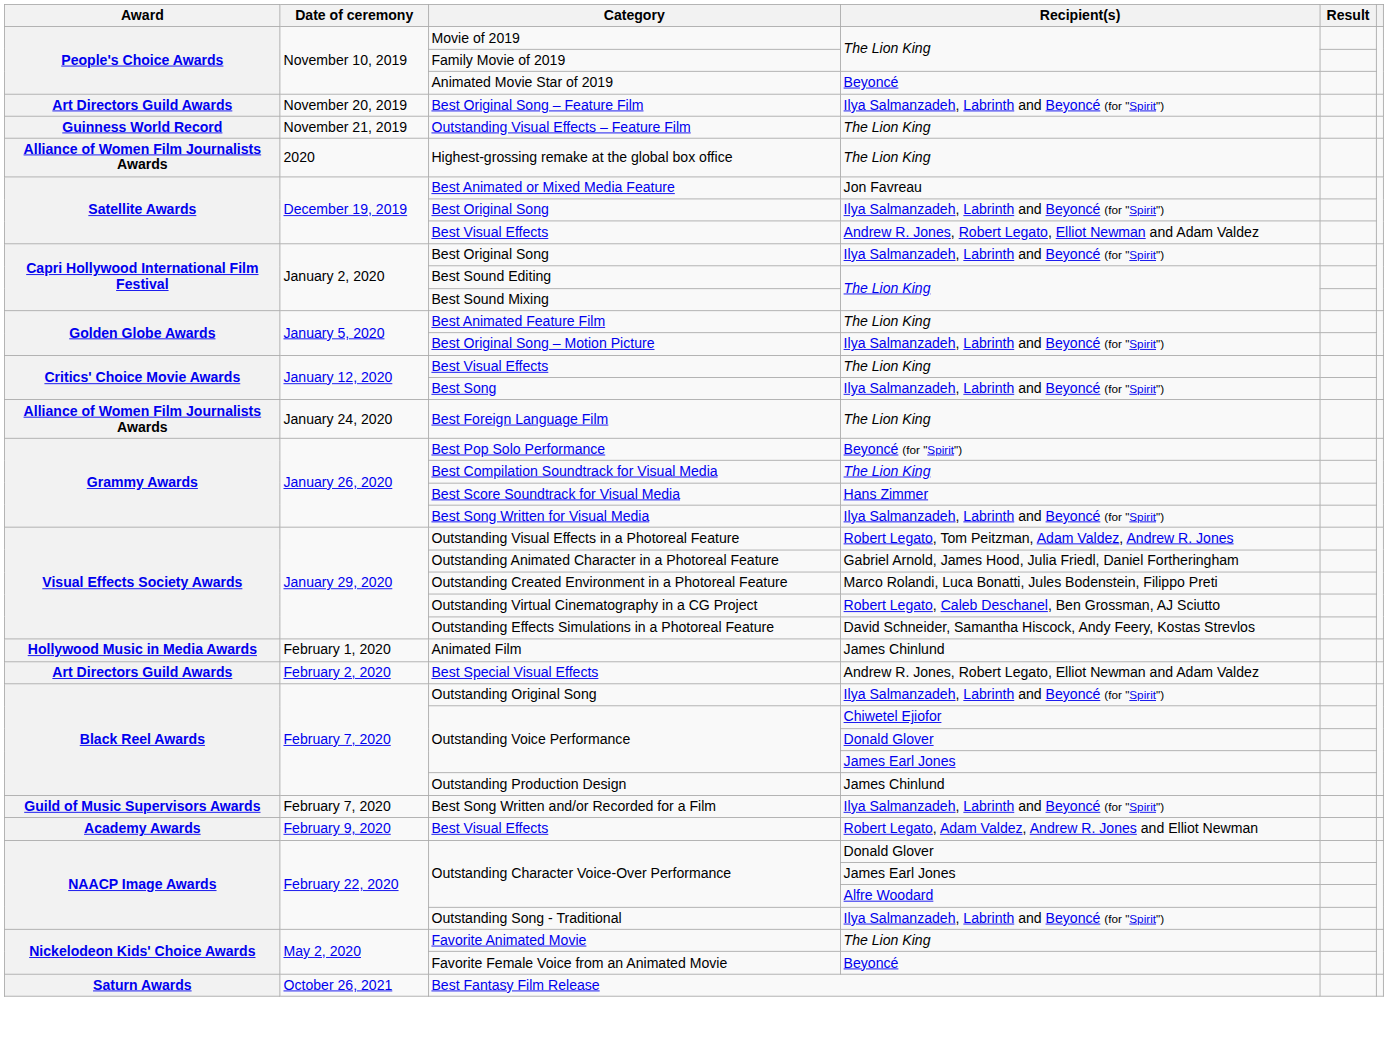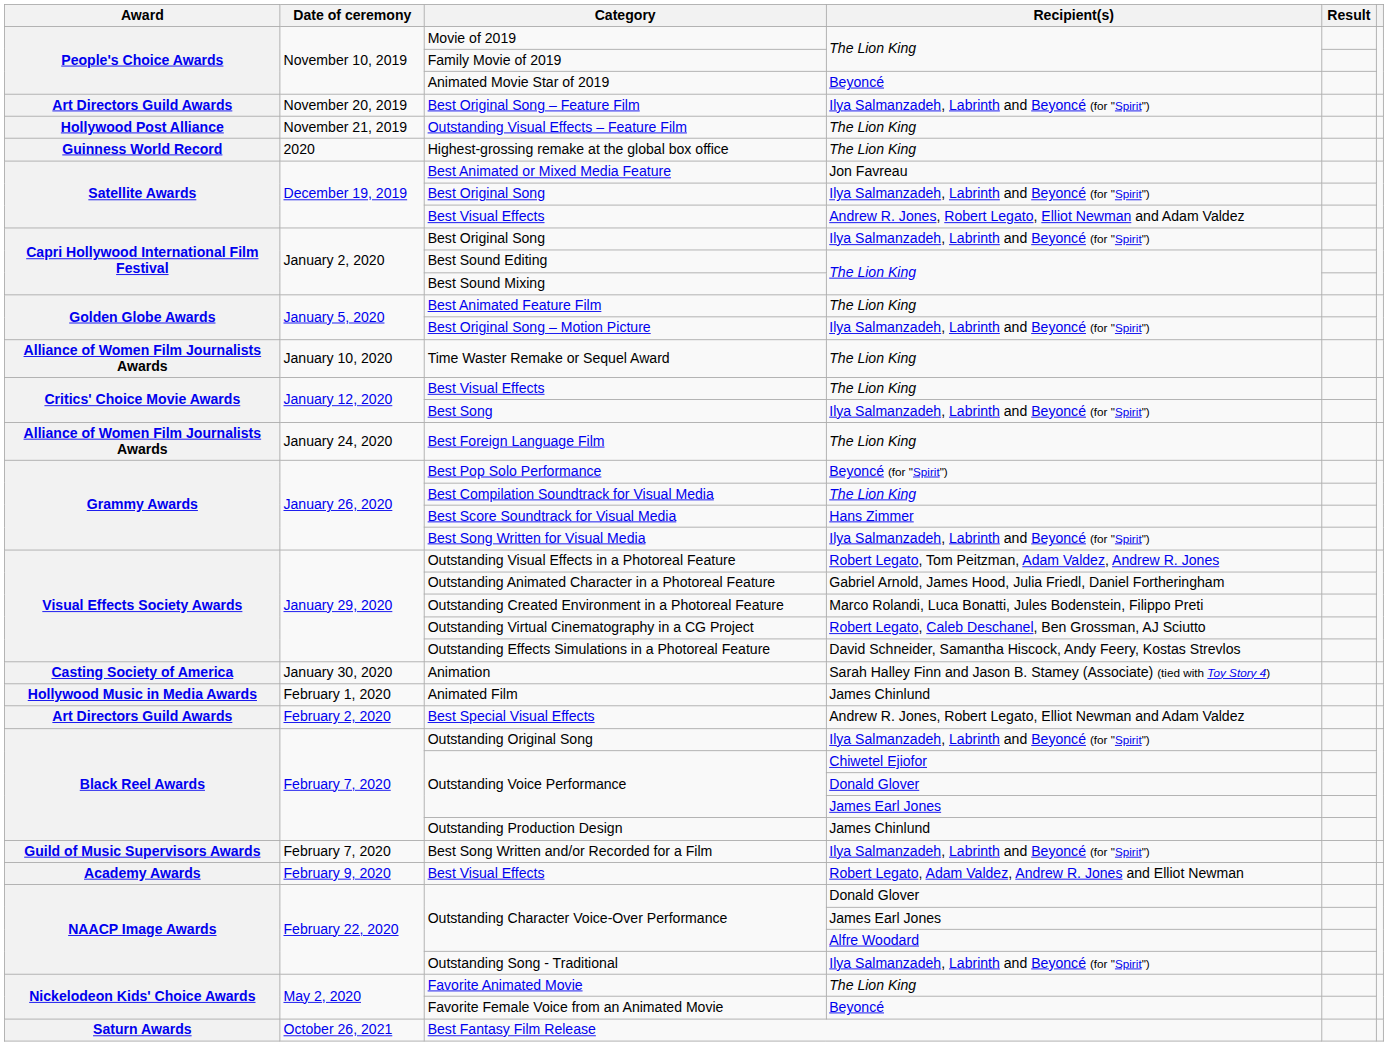 <table class="wikitable sortable plainrowheaders" style="width: 99%">
 <tr>
 <th scope="col" style="width:20%;">Award</th>
 <th scope="col">Date of ceremony</th>
 <th scope="col">Category</th>
 <th scope="col">Recipient(s)</th>
 <th scope="col">Result</th>
 <th scope="col" class="unsortable"></th>
 </tr>
 <tr>
 <th scope="row" rowspan="3" style="text-align:center;"><a href='#'>People's Choice Awards</a></th>
 <td rowspan="3">November 10, 2019</td>
 <td>Movie of 2019</td>
 <td rowspan="2"><em>The Lion King</em></td>
 <td></td>
 <td style="text-align:center;" rowspan="3"></td>
 </tr>
 <tr>
 <td>Family Movie of 2019</td>
 <td></td>
 </tr>
 <tr>
 <td>Animated Movie Star of 2019</td>
 <td><a href='#'>Beyoncé</a></td>
 <td></td>
 </tr>
 <tr>
 <th scope="row" rowspan="1" style="text-align:center;"><a href='#'>Art Directors Guild Awards</a></th>
 <td>November 20, 2019</td>
 <td><a href='#'>Best Original Song – Feature Film</a></td>
 <td><a href='#'>Ilya Salmanzadeh</a>, <a href='#'>Labrinth</a> and <a href='#'>Beyoncé</a> <small>(for "<a href='#'>Spirit</a>")</small></td>
 <td></td>
 <td style="text-align:center;"></td>
 </tr>
 <tr>
-<th scope="row" rowspan="1" style="text-align:center;"><a href='#'>Guinness World Record</a></th>
+<th scope="row" style="text-align:center;"><a href='#'>Hollywood Post Alliance</a></th>
 <td>November 21, 2019</td>
 <td><a href='#'>Outstanding Visual Effects – Feature Film</a></td>
 <td><em>The Lion King</em></td>
 <td></td>
 <td style="text-align:center;"></td>
 </tr>
 <tr>
-<th scope="row" rowspan="1" style="text-align:center;"><a href='#'>Alliance of Women Film Journalists</a> Awards</th>
+<th scope="row" rowspan="1" style="text-align:center;"><a href='#'>Guinness World Record</a></th>
 <td rowspan="1">2020</td>
 <td>Highest-grossing remake at the global box office</td>
 <td><em>The Lion King</em></td>
 <td></td>
 <td rowspan=1 style="text-align:center;"></td>
 </tr>
 <tr>
 <th scope="row" rowspan="3" style="text-align:center;"><a href='#'>Satellite Awards</a></th>
 <td rowspan="3"><a href='#'>December 19, 2019</a></td>
 <td><a href='#'>Best Animated or Mixed Media Feature</a></td>
 <td>Jon Favreau</td>
 <td></td>
 <td rowspan="3" style="text-align:center;"></td>
 </tr>
 <tr>
 <td><a href='#'>Best Original Song</a></td>
 <td><a href='#'>Ilya Salmanzadeh</a>, <a href='#'>Labrinth</a> and <a href='#'>Beyoncé</a> <small>(for "<a href='#'>Spirit</a>")</small></td>
 <td></td>
 </tr>
 <tr>
 <td><a href='#'>Best Visual Effects</a></td>
 <td><a href='#'>Andrew R. Jones</a>, <a href='#'>Robert Legato</a>, <a href='#'>Elliot Newman</a> and Adam Valdez</td>
 <td></td>
 </tr>
 <tr>
 <th scope="row" rowspan="3" style="text-align:center;"><a href='#'>Capri Hollywood International Film Festival</a></th>
 <td rowspan="3">January 2, 2020</td>
 <td>Best Original Song</td>
 <td><a href='#'>Ilya Salmanzadeh</a>, <a href='#'>Labrinth</a> and <a href='#'>Beyoncé</a> <small>(for "<a href='#'>Spirit</a>")</small></td>
 <td></td>
 <td rowspan="3" style="text-align:center;"></td>
 </tr>
 <tr>
 <td>Best Sound Editing</td>
 <td rowspan="2"><em><a href='#'>The Lion King</a></em></td>
 <td></td>
 </tr>
 <tr>
 <td>Best Sound Mixing</td>
 <td></td>
 </tr>
 <tr>
 <th scope="row" rowspan="2" style="text-align:center;"><a href='#'>Golden Globe Awards</a></th>
 <td rowspan="2"><a href='#'>January 5, 2020</a></td>
 <td><a href='#'>Best Animated Feature Film</a></td>
 <td><em>The Lion King</em></td>
 <td></td>
 <td rowspan=2 style="text-align:center;"></td>
 </tr>
 <tr>
 <td><a href='#'>Best Original Song – Motion Picture</a></td>
 <td><a href='#'>Ilya Salmanzadeh</a>, <a href='#'>Labrinth</a> and <a href='#'>Beyoncé</a> <small>(for "<a href='#'>Spirit</a>")</small></td>
 <td></td>
+</tr>
+<tr>
+<th scope="row" rowspan="1" style="text-align:center;"><a href='#'>Alliance of Women Film Journalists</a> Awards</th>
+<td rowspan="1">January 10, 2020</td>
+<td>Time Waster Remake or Sequel Award</td>
+<td><em>The Lion King</em></td>
+<td></td>
+<td rowspan=1 style="text-align:center;"></td>
 </tr>
 <tr>
 <th rowspan="2" scope="row" style="text-align:center;"><a href='#'>Critics' Choice Movie Awards</a></th>
 <td rowspan="2"><a href='#'>January 12, 2020</a></td>
 <td><a href='#'>Best Visual Effects</a></td>
 <td><em>The Lion King</em></td>
 <td></td>
 <td rowspan=2 style="text-align:center;"></td>
 </tr>
 <tr>
 <td><a href='#'>Best Song</a></td>
 <td><a href='#'>Ilya Salmanzadeh</a>, <a href='#'>Labrinth</a> and <a href='#'>Beyoncé</a> <small>(for "<a href='#'>Spirit</a>")</small></td>
 <td></td>
 </tr>
 <tr>
 <th scope="row" rowspan="1" style="text-align:center;"><a href='#'>Alliance of Women Film Journalists</a> Awards</th>
 <td>January 24, 2020</td>
 <td><a href='#'>Best Foreign Language Film</a></td>
 <td><em>The Lion King</em></td>
 <td></td>
 <td style="text-align:center;"></td>
 </tr>
 <tr>
 <th scope="row" rowspan="4" style="text-align:center;"><a href='#'>Grammy Awards</a></th>
 <td rowspan="4"><a href='#'>January 26, 2020</a></td>
 <td><a href='#'>Best Pop Solo Performance</a></td>
 <td><a href='#'>Beyoncé</a> <small>(for "<a href='#'>Spirit</a>")</small></td>
 <td></td>
 <td rowspan=4 style="text-align:center;"></td>
 </tr>
 <tr>
 <td><a href='#'>Best Compilation Soundtrack for Visual Media</a></td>
 <td><em><a href='#'>The Lion King</a></em></td>
 <td></td>
 </tr>
 <tr>
 <td><a href='#'>Best Score Soundtrack for Visual Media</a></td>
 <td><a href='#'>Hans Zimmer</a></td>
 <td></td>
 </tr>
 <tr>
 <td><a href='#'>Best Song Written for Visual Media</a></td>
 <td><a href='#'>Ilya Salmanzadeh</a>, <a href='#'>Labrinth</a> and <a href='#'>Beyoncé</a> <small>(for "<a href='#'>Spirit</a>")</small></td>
 <td></td>
 </tr>
 <tr>
 <th scope="row" rowspan="5" style="text-align:center;"><a href='#'>Visual Effects Society Awards</a></th>
 <td rowspan="5"><a href='#'>January 29, 2020</a></td>
 <td>Outstanding Visual Effects in a Photoreal Feature</td>
 <td><a href='#'>Robert Legato</a>, Tom Peitzman, <a href='#'>Adam Valdez</a>, <a href='#'>Andrew R. Jones</a></td>
 <td></td>
 <td rowspan=5 style="text-align:center;"></td>
 </tr>
 <tr>
 <td>Outstanding Animated Character in a Photoreal Feature</td>
 <td>Gabriel Arnold, James Hood, Julia Friedl, Daniel Fortheringham </td>
 <td></td>
 </tr>
 <tr>
 <td>Outstanding Created Environment in a Photoreal Feature</td>
 <td>Marco Rolandi, Luca Bonatti, Jules Bodenstein, Filippo Preti </td>
 <td></td>
 </tr>
 <tr>
 <td>Outstanding Virtual Cinematography in a CG Project</td>
 <td><a href='#'>Robert Legato</a>, <a href='#'>Caleb Deschanel</a>, Ben Grossman, AJ Sciutto</td>
 <td></td>
 </tr>
 <tr>
 <td>Outstanding Effects Simulations in a Photoreal Feature</td>
 <td>David Schneider, Samantha Hiscock, Andy Feery, Kostas Strevlos</td>
 <td></td>
+</tr>
+<tr>
+<th scope="row" style="text-align:center;"><a href='#'>Casting Society of America</a></th>
+<td>January 30, 2020</td>
+<td>Animation</td>
+<td>Sarah Halley Finn and Jason B. Stamey (Associate) <small>(tied with <em><a href='#'>Toy Story 4</a></em>)</small></td>
+<td></td>
+<td style="text-align:center;"></td>
 </tr>
 <tr>
 <th scope="row" style="text-align:center;"><a href='#'>Hollywood Music in Media Awards</a></th>
 <td>February 1, 2020</td>
 <td>Animated Film</td>
 <td>James Chinlund</td>
 <td></td>
 <td style="text-align:center;"></td>
 </tr>
 <tr>
 <th scope="row" rowspan="1" style="text-align:center;"><a href='#'>Art Directors Guild Awards</a></th>
 <td rowspan="1"><a href='#'>February 2, 2020</a></td>
 <td><a href='#'>Best Special Visual Effects</a></td>
 <td>Andrew R. Jones, Robert Legato, Elliot Newman and Adam Valdez</td>
 <td></td>
 <td rowspan=1 style="text-align:center;"></td>
 </tr>
 <tr>
 <th scope="row" rowspan="5" style="text-align:center;"><a href='#'>Black Reel Awards</a></th>
 <td rowspan="5"><a href='#'>February 7, 2020</a></td>
 <td>Outstanding Original Song</td>
 <td><a href='#'>Ilya Salmanzadeh</a>, <a href='#'>Labrinth</a> and <a href='#'>Beyoncé</a> <small>(for "<a href='#'>Spirit</a>")</small></td>
 <td></td>
 <td rowspan="5" style="text-align:center;"></td>
 </tr>
 <tr>
 <td rowspan="3">Outstanding Voice Performance</td>
 <td><a href='#'>Chiwetel Ejiofor</a></td>
 <td></td>
 </tr>
 <tr>
 <td><a href='#'>Donald Glover</a></td>
 <td></td>
 </tr>
 <tr>
 <td><a href='#'>James Earl Jones</a></td>
 <td></td>
 </tr>
 <tr>
 <td>Outstanding Production Design</td>
 <td>James Chinlund</td>
 <td></td>
 </tr>
 <tr>
 <th scope="row" rowspan="1" style="text-align:center;"><a href='#'>Guild of Music Supervisors Awards</a></th>
 <td>February 7, 2020</td>
 <td>Best Song Written and/or Recorded for a Film</td>
 <td><a href='#'>Ilya Salmanzadeh</a>, <a href='#'>Labrinth</a> and <a href='#'>Beyoncé</a> <small>(for "<a href='#'>Spirit</a>")</small></td>
 <td></td>
 <td style="text-align:center;"></td>
 </tr>
 <tr>
 <th scope="row" style="text-align:center;"><a href='#'>Academy Awards</a></th>
 <td><a href='#'>February 9, 2020</a></td>
 <td><a href='#'>Best Visual Effects</a></td>
 <td><a href='#'>Robert Legato</a>, <a href='#'>Adam Valdez</a>, <a href='#'>Andrew R. Jones</a> and Elliot Newman</td>
 <td></td>
 <td style="text-align:center;"></td>
 </tr>
 <tr>
 <th rowspan="4" scope="row" style="text-align:center;"><a href='#'>NAACP Image Awards</a></th>
 <td rowspan="4"><a href='#'>February 22, 2020</a></td>
 <td rowspan="3">Outstanding Character Voice-Over Performance</td>
 <td>Donald Glover</td>
 <td></td>
 <td rowspan="4" style="text-align:center;"></td>
 </tr>
 <tr>
 <td>James Earl Jones</td>
 <td></td>
 </tr>
 <tr>
 <td><a href='#'>Alfre Woodard</a></td>
 <td></td>
 </tr>
 <tr>
 <td>Outstanding Song - Traditional</td>
 <td><a href='#'>Ilya Salmanzadeh</a>, <a href='#'>Labrinth</a> and <a href='#'>Beyoncé</a> <small>(for "<a href='#'>Spirit</a>")</small></td>
 <td></td>
 </tr>
 <tr>
 <th scope="row" rowspan="2" style="text-align:center;"><a href='#'>Nickelodeon Kids' Choice Awards</a></th>
 <td rowspan="2"><a href='#'>May 2, 2020</a></td>
 <td rowspan="1"><a href='#'>Favorite Animated Movie</a></td>
 <td><em>The Lion King</em></td>
 <td></td>
 <td rowspan="2" style="text-align:center;"></td>
 </tr>
 <tr>
 <td>Favorite Female Voice from an Animated Movie</td>
 <td><a href='#'>Beyoncé</a></td>
 <td></td>
 </tr>
 <tr>
 <th scope="row" style="text-align:center;"><a href='#'>Saturn Awards</a></th>
 <td><a href='#'>October 26, 2021</a></td>
 <td colspan="2"><a href='#'>Best Fantasy Film Release</a></td>
 <td></td>
 <td style="text-align:center;"></td>
 </tr>
 </table>
